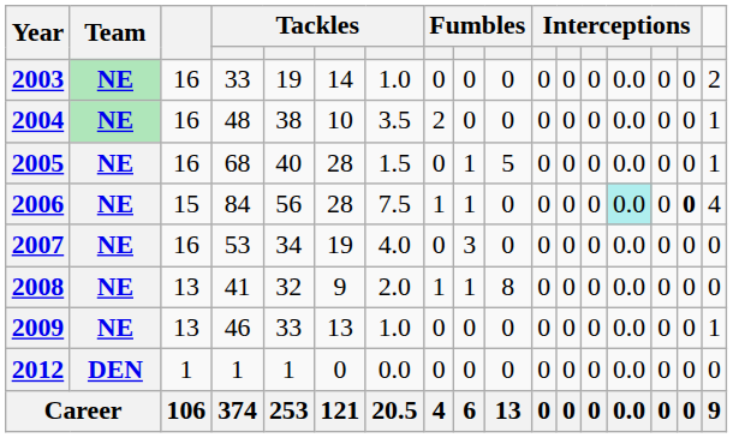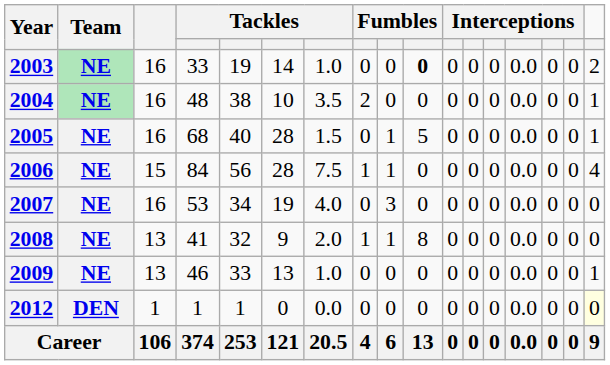 <table class=wikitable style="text-align:center;">
 <tr>
 <th rowspan="2">Year</th>
 <th rowspan="2">Team</th>
 <th rowspan="2"></th>
 <th colspan="4">Tackles</th>
 <th colspan="3">Fumbles</th>
 <th colspan="6">Interceptions</th>
 </tr>
 <tr>
 <th></th>
 <th></th>
 <th></th>
 <th></th>
 <th></th>
 <th></th>
 <th></th>
 <th></th>
 <th></th>
 <th></th>
 <th></th>
 <th></th>
 <th></th>
 <th></th>
 </tr>
 <tr>
 <th><a href='#'>2003</a></th>
 <th style="background:#afe6ba; width:3em;"><a href='#'>NE</a></th>
 <td>16</td>
 <td>33</td>
 <td>19</td>
 <td>14</td>
 <td>1.0</td>
 <td>0</td>
 <td>0</td>
-<td>0</td>
+<td><strong>0</strong></td>
 <td>0</td>
 <td>0</td>
 <td>0</td>
 <td>0.0</td>
 <td>0</td>
 <td>0</td>
 <td>2</td>
 </tr>
 <tr>
 <th><a href='#'>2004</a></th>
 <th style="background:#afe6ba; width:3em;"><a href='#'>NE</a></th>
 <td>16</td>
 <td>48</td>
 <td>38</td>
 <td>10</td>
 <td>3.5</td>
 <td>2</td>
 <td>0</td>
 <td>0</td>
 <td>0</td>
 <td>0</td>
 <td>0</td>
 <td>0.0</td>
 <td>0</td>
 <td>0</td>
 <td>1</td>
 </tr>
 <tr>
 <th><a href='#'>2005</a></th>
 <th><a href='#'>NE</a></th>
 <td>16</td>
 <td>68</td>
 <td>40</td>
 <td>28</td>
 <td>1.5</td>
 <td>0</td>
 <td>1</td>
 <td>5</td>
 <td>0</td>
 <td>0</td>
 <td>0</td>
 <td>0.0</td>
 <td>0</td>
 <td>0</td>
 <td>1</td>
 </tr>
 <tr>
 <th><a href='#'>2006</a></th>
 <th><a href='#'>NE</a></th>
 <td>15</td>
 <td>84</td>
 <td>56</td>
 <td>28</td>
 <td>7.5</td>
 <td>1</td>
 <td>1</td>
 <td>0</td>
 <td>0</td>
 <td>0</td>
 <td>0</td>
-<td style="background: paleturquoise;">0.0</td>
+<td>0.0</td>
 <td>0</td>
-<td><strong>0</strong></td>
+<td>0</td>
 <td>4</td>
 </tr>
 <tr>
 <th><a href='#'>2007</a></th>
 <th><a href='#'>NE</a></th>
 <td>16</td>
 <td>53</td>
 <td>34</td>
 <td>19</td>
 <td>4.0</td>
 <td>0</td>
 <td>3</td>
 <td>0</td>
 <td>0</td>
 <td>0</td>
 <td>0</td>
 <td>0.0</td>
 <td>0</td>
 <td>0</td>
 <td>0</td>
 </tr>
 <tr>
 <th><a href='#'>2008</a></th>
 <th><a href='#'>NE</a></th>
 <td>13</td>
 <td>41</td>
 <td>32</td>
 <td>9</td>
 <td>2.0</td>
 <td>1</td>
 <td>1</td>
 <td>8</td>
 <td>0</td>
 <td>0</td>
 <td>0</td>
 <td>0.0</td>
 <td>0</td>
 <td>0</td>
 <td>0</td>
 </tr>
 <tr>
 <th><a href='#'>2009</a></th>
 <th><a href='#'>NE</a></th>
 <td>13</td>
 <td>46</td>
 <td>33</td>
 <td>13</td>
 <td>1.0</td>
 <td>0</td>
 <td>0</td>
 <td>0</td>
 <td>0</td>
 <td>0</td>
 <td>0</td>
 <td>0.0</td>
 <td>0</td>
 <td>0</td>
 <td>1</td>
 </tr>
 <tr>
 <th><a href='#'>2012</a></th>
 <th><a href='#'>DEN</a></th>
 <td>1</td>
 <td>1</td>
 <td>1</td>
 <td>0</td>
 <td>0.0</td>
 <td>0</td>
 <td>0</td>
 <td>0</td>
 <td>0</td>
 <td>0</td>
 <td>0</td>
 <td>0.0</td>
 <td>0</td>
 <td>0</td>
-<td>0</td>
+<td style="background: lightyellow;">0</td>
 </tr>
 <tr>
 <th colspan="2">Career</th>
 <th>106</th>
 <th>374</th>
 <th>253</th>
 <th>121</th>
 <th>20.5</th>
 <th>4</th>
 <th>6</th>
 <th>13</th>
 <th>0</th>
 <th>0</th>
 <th>0</th>
 <th>0.0</th>
 <th>0</th>
 <th>0</th>
 <th>9</th>
 </tr>
 </table>
